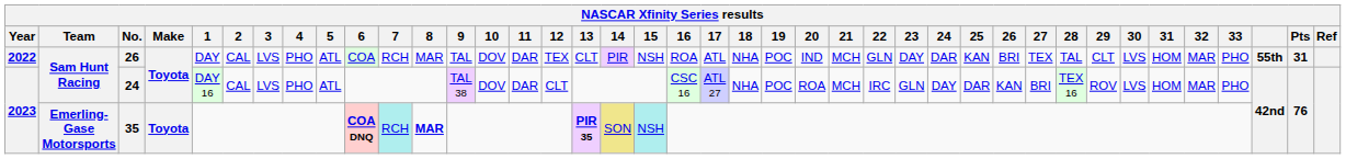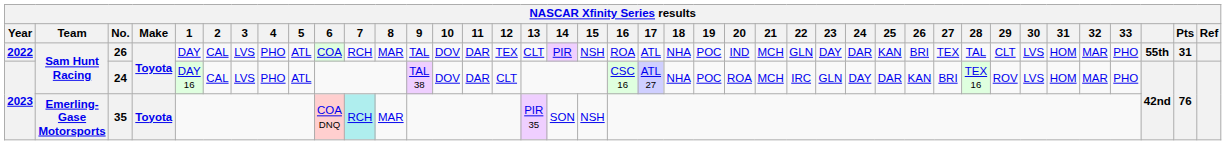 <table class="wikitable" style="text-align:center; font-size:75%">
 <tr>
 <th colspan=40><a href='#'>NASCAR Xfinity Series</a> results</th>
 </tr>
 <tr>
 <th>Year</th>
 <th>Team</th>
 <th>No.</th>
 <th>Make</th>
 <th>1</th>
 <th>2</th>
 <th>3</th>
 <th>4</th>
 <th>5</th>
 <th>6</th>
 <th>7</th>
 <th>8</th>
 <th>9</th>
 <th>10</th>
 <th>11</th>
 <th>12</th>
 <th>13</th>
 <th>14</th>
 <th>15</th>
 <th>16</th>
 <th>17</th>
 <th>18</th>
 <th>19</th>
 <th>20</th>
 <th>21</th>
 <th>22</th>
 <th>23</th>
 <th>24</th>
 <th>25</th>
 <th>26</th>
 <th>27</th>
 <th>28</th>
 <th>29</th>
 <th>30</th>
 <th>31</th>
 <th>32</th>
 <th>33</th>
 <th></th>
 <th>Pts</th>
 <th>Ref</th>
 </tr>
 <tr>
 <th><a href='#'>2022</a></th>
 <th rowspan=2><a href='#'>Sam Hunt Racing</a></th>
 <th>26</th>
 <th rowspan=2><a href='#'>Toyota</a></th>
 <td><a href='#'>DAY</a></td>
 <td><a href='#'>CAL</a></td>
 <td><a href='#'>LVS</a></td>
 <td><a href='#'>PHO</a></td>
 <td><a href='#'>ATL</a></td>
 <td style="background:#DFFFDF;"><a href='#'>COA</a><br></td>
 <td><a href='#'>RCH</a></td>
 <td><a href='#'>MAR</a></td>
 <td><a href='#'>TAL</a></td>
 <td><a href='#'>DOV</a></td>
 <td><a href='#'>DAR</a></td>
 <td><a href='#'>TEX</a></td>
 <td><a href='#'>CLT</a></td>
 <td style="background:#EFCFFF;"><a href='#'>PIR</a><br></td>
 <td><a href='#'>NSH</a></td>
 <td><a href='#'>ROA</a></td>
 <td><a href='#'>ATL</a></td>
 <td><a href='#'>NHA</a></td>
 <td><a href='#'>POC</a></td>
 <td><a href='#'>IND</a></td>
 <td><a href='#'>MCH</a></td>
 <td><a href='#'>GLN</a></td>
 <td><a href='#'>DAY</a></td>
 <td><a href='#'>DAR</a></td>
 <td><a href='#'>KAN</a></td>
 <td><a href='#'>BRI</a></td>
 <td><a href='#'>TEX</a></td>
 <td><a href='#'>TAL</a></td>
 <td><a href='#'>CLT</a></td>
 <td><a href='#'>LVS</a></td>
 <td><a href='#'>HOM</a></td>
 <td><a href='#'>MAR</a></td>
 <td><a href='#'>PHO</a></td>
 <th>55th</th>
 <th>31</th>
 <th></th>
 </tr>
 <tr>
 <th rowspan=3><a href='#'>2023</a></th>
 <th>24</th>
 <td style="background:#DFFFDF;"><a href='#'>DAY</a><br><small>16</small></td>
 <td><a href='#'>CAL</a></td>
 <td><a href='#'>LVS</a></td>
 <td><a href='#'>PHO</a></td>
 <td><a href='#'>ATL</a></td>
 <td colspan=3></td>
 <td style="background:#EFCFFF;"><a href='#'>TAL</a><br><small>38</small></td>
 <td><a href='#'>DOV</a></td>
 <td><a href='#'>DAR</a></td>
 <td><a href='#'>CLT</a></td>
 <td colspan=3></td>
 <td style="background:#DFFFDF;"><a href='#'>CSC</a><br><small>16</small></td>
 <td style="background:#CFCFFF;"><a href='#'>ATL</a><br><small>27</small></td>
 <td><a href='#'>NHA</a></td>
 <td><a href='#'>POC</a></td>
 <td><a href='#'>ROA</a></td>
 <td><a href='#'>MCH</a></td>
 <td><a href='#'>IRC</a></td>
 <td><a href='#'>GLN</a></td>
 <td><a href='#'>DAY</a></td>
 <td><a href='#'>DAR</a></td>
 <td><a href='#'>KAN</a></td>
 <td><a href='#'>BRI</a></td>
 <td style="background:#DFFFDF;"><a href='#'>TEX</a><br><small>16</small></td>
 <td><a href='#'>ROV</a></td>
 <td><a href='#'>LVS</a></td>
 <td><a href='#'>HOM</a></td>
 <td><a href='#'>MAR</a></td>
 <td><a href='#'>PHO</a></td>
 <th rowspan=3>42nd</th>
 <th rowspan=3>76</th>
 <th rowspan=3></th>
 </tr>
 <tr>
 <th><a href='#'>Emerling-Gase Motorsports</a></th>
 <th>35</th>
 <th><a href='#'>Toyota</a></th>
 <td colspan=5></td>
-<td style="background:#FFCFCF;"><strong><a href='#'>COA</a><br><small>DNQ</small></strong></td>
+<td style="background:#FFCFCF;"><a href='#'>COA</a><br><small>DNQ</small></td>
 <td style="background: paleturquoise;"><a href='#'>RCH</a></td>
-<td><strong><a href='#'>MAR</a></strong></td>
+<td><a href='#'>MAR</a></td>
 <td colspan=4></td>
-<td style="background:#EFCFFF;"><strong><a href='#'>PIR</a><br><small>35</small></strong></td>
-<td style="background: khaki;"><a href='#'>SON</a></td>
-<td style="background: paleturquoise;"><a href='#'>NSH</a></td>
+<td style="background:#EFCFFF;"><a href='#'>PIR</a><br><small>35</small></td>
+<td><a href='#'>SON</a></td>
+<td><a href='#'>NSH</a></td>
 <td colspan=18></td>
 </tr>
 </table>
